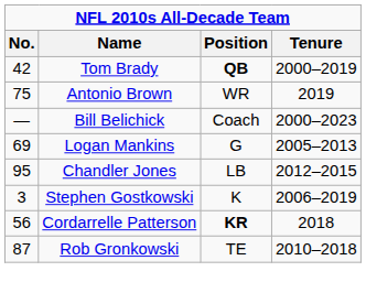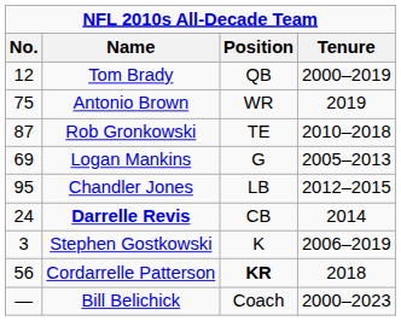 <table class="wikitable" style="text-align:center">
 <tr>
 <td colspan="4"><strong><a href='#'><span><u>NFL 2010s All-Decade Team</u></span></a></strong></td>
 </tr>
 <tr>
 <th>No.</th>
 <th>Name</th>
 <th>Position</th>
 <th>Tenure</th>
 </tr>
 <tr>
-<td>42</td>
+<td>12</td>
 <td><a href='#'>Tom Brady</a></td>
-<td><strong>QB</strong></td>
+<td>QB</td>
 <td>2000–2019</td>
 </tr>
 <tr>
 <td>75</td>
 <td><a href='#'>Antonio Brown</a></td>
 <td>WR</td>
 <td>2019</td>
 </tr>
 <tr>
-<td>—</td>
-<td><a href='#'>Bill Belichick</a></td>
-<td>Coach</td>
-<td>2000–2023</td>
+<td>87</td>
+<td><a href='#'>Rob Gronkowski</a></td>
+<td>TE</td>
+<td>2010–2018</td>
 </tr>
 <tr>
 <td>69</td>
 <td><a href='#'>Logan Mankins</a></td>
 <td>G</td>
 <td>2005–2013</td>
 </tr>
 <tr>
 <td>95</td>
 <td><a href='#'>Chandler Jones</a></td>
 <td>LB</td>
 <td>2012–2015</td>
 </tr>
 <tr>
+<td>24</td>
+<td><strong><a href='#'>Darrelle Revis</a></strong></td>
+<td>CB</td>
+<td>2014</td>
+</tr>
+<tr>
 <td>3</td>
 <td><a href='#'>Stephen Gostkowski</a></td>
 <td>K</td>
 <td>2006–2019</td>
 </tr>
 <tr>
 <td>56</td>
 <td><a href='#'>Cordarrelle Patterson</a></td>
 <td><strong>KR</strong></td>
 <td>2018</td>
 </tr>
 <tr>
-<td>87</td>
-<td><a href='#'>Rob Gronkowski</a></td>
-<td>TE</td>
-<td>2010–2018</td>
+<td>—</td>
+<td><a href='#'>Bill Belichick</a></td>
+<td>Coach</td>
+<td>2000–2023</td>
 </tr>
 </table>
